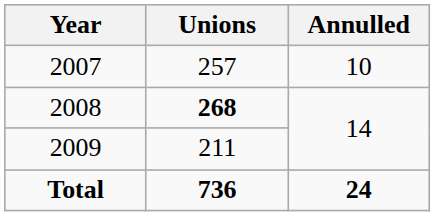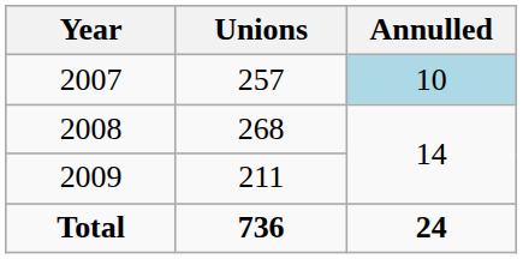 <table class="wikitable">
 <tr>
 <th style="width:60pt;">Year</th>
 <th style="width:60pt;">Unions</th>
 <th style="width:60pt;">Annulled</th>
 </tr>
 <tr style="text-align:center;">
 <td>2007</td>
 <td>257</td>
-<td>10</td>
+<td style="background: lightblue;">10</td>
 </tr>
 <tr style="text-align:center;">
 <td>2008</td>
-<td><strong>268</strong></td>
+<td>268</td>
 <td rowspan="2">14</td>
 </tr>
 <tr style="text-align:center;">
 <td>2009</td>
 <td>211</td>
 </tr>
 <tr style="text-align:center;">
 <td><strong>Total</strong></td>
 <td><strong>736</strong></td>
 <td><strong>24</strong></td>
 </tr>
 </table>
